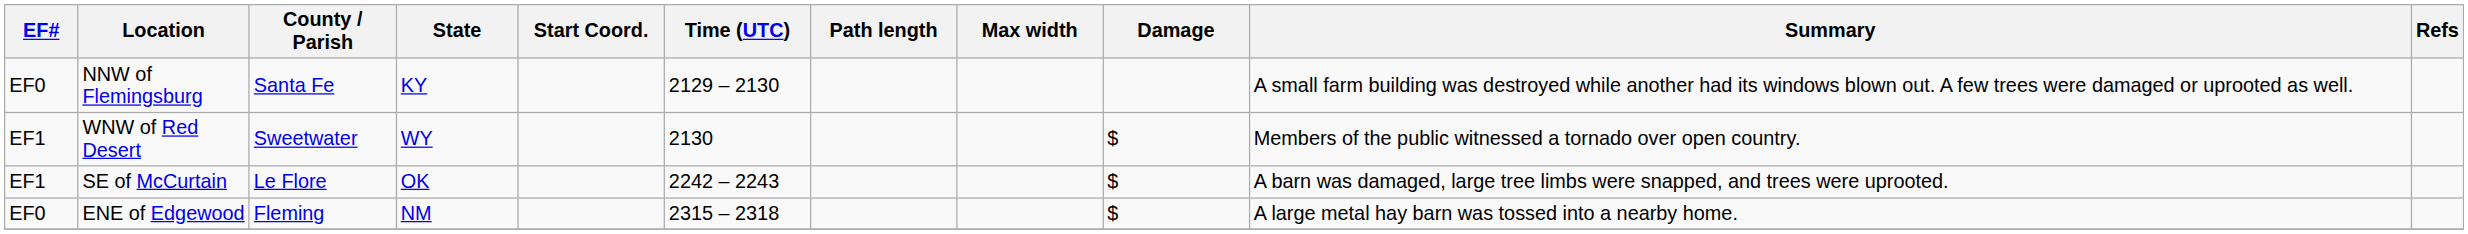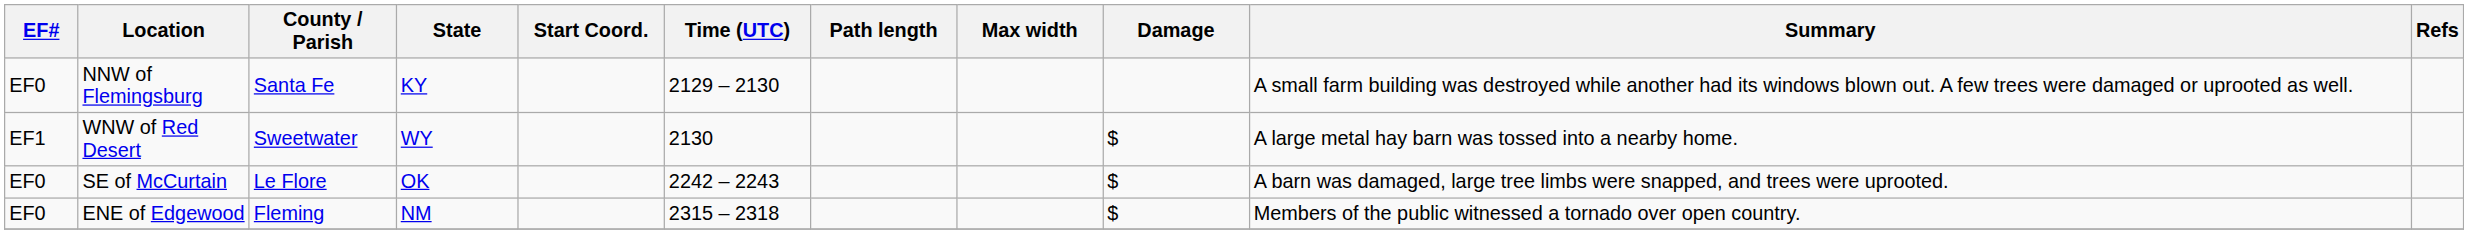 <table class="wikitable sortable" style="width:100%;">
 <tr>
 <th scope="col" width="3%" align="center"><a href='#'>EF#</a></th>
 <th scope="col" width="7%" align="center" class="unsortable">Location</th>
 <th scope="col" width="6%" align="center" class="unsortable">County / Parish</th>
 <th scope="col" width="5%" align="center">State</th>
 <th scope="col" width="6%" align="center">Start Coord.</th>
 <th scope="col" width="6%" align="center">Time (<a href='#'>UTC</a>)</th>
 <th scope="col" width="6%" align="center">Path length</th>
 <th scope="col" width="6%" align="center">Max width</th>
 <th scope="col" width="6%" align="center">Damage</th>
 <th scope="col" width="48%" class="unsortable" align="center">Summary</th>
 <th scope="col" width="48%" class="unsortable" align="center">Refs</th>
 </tr>
 <tr>
 <td>EF0</td>
 <td>NNW of <a href='#'>Flemingsburg</a></td>
 <td><a href='#'>Santa Fe</a></td>
 <td><a href='#'>KY</a></td>
 <td></td>
 <td>2129 – 2130</td>
 <td></td>
 <td></td>
 <td></td>
 <td>A small farm building was destroyed while another had its windows blown out. A few trees were damaged or uprooted as well.</td>
 <td></td>
 </tr>
 <tr>
 <td>EF1</td>
 <td>WNW of <a href='#'>Red Desert</a></td>
 <td><a href='#'>Sweetwater</a></td>
 <td><a href='#'>WY</a></td>
 <td></td>
 <td>2130</td>
 <td></td>
 <td></td>
 <td>$</td>
-<td>Members of the public witnessed a tornado over open country.</td>
+<td>A large metal hay barn was tossed  into a nearby home.</td>
 <td></td>
 </tr>
 <tr>
-<td>EF1</td>
+<td>EF0</td>
 <td>SE of <a href='#'>McCurtain</a></td>
 <td><a href='#'>Le Flore</a></td>
 <td><a href='#'>OK</a></td>
 <td></td>
 <td>2242 – 2243</td>
 <td></td>
 <td></td>
 <td>$</td>
 <td>A barn was damaged, large tree limbs were snapped, and trees were uprooted.</td>
 <td></td>
 </tr>
 <tr>
 <td>EF0</td>
 <td>ENE of <a href='#'>Edgewood</a></td>
 <td><a href='#'>Fleming</a></td>
 <td><a href='#'>NM</a></td>
 <td></td>
 <td>2315 – 2318</td>
 <td></td>
 <td></td>
 <td>$</td>
-<td>A large metal hay barn was tossed  into a nearby home.</td>
+<td>Members of the public witnessed a tornado over open country.</td>
 <td></td>
 </tr>
 <tr>
 </tr>
 </table>
